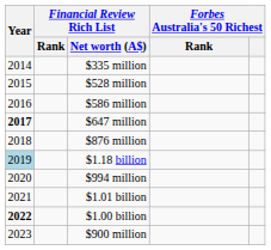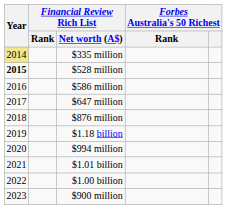 <table class="wikitable">
 <tr>
 <th rowspan=2>Year</th>
 <th colspan=2><em><a href='#'>Financial Review</a></em><br><a href='#'>Rich List</a></th>
 <th colspan=2><em><a href='#'>Forbes</a></em><br><a href='#'>Australia's 50 Richest</a></th>
 </tr>
 <tr>
 <th>Rank</th>
 <th><a href='#'>Net worth</a> (<a href='#'>A$</a>)<br></th>
 <th>Rank</th>
 <th></th>
 </tr>
 <tr>
-<td>2014</td>
+<td style="background: khaki;">2014</td>
 <td align="center"></td>
 <td align="right">$335 million </td>
 <td align="center"></td>
 <td align="right"></td>
 </tr>
 <tr>
-<td>2015</td>
+<td><strong>2015</strong></td>
 <td align="center"></td>
 <td align="right">$528 million </td>
 <td align="center"></td>
 <td align="right"></td>
 </tr>
 <tr>
 <td>2016</td>
 <td align="center"></td>
 <td align="right">$586 million </td>
 <td align="center"></td>
 <td align="right"></td>
 </tr>
 <tr>
-<td><strong>2017</strong></td>
+<td>2017</td>
 <td align="center"></td>
 <td align="right">$647 million </td>
 <td align="center"></td>
 <td align="right"></td>
 </tr>
 <tr>
 <td>2018</td>
 <td align="center"></td>
 <td align="right">$876 million </td>
 <td align="center"></td>
 <td align="right"></td>
 </tr>
 <tr>
-<td style="background: lightblue;">2019</td>
+<td>2019</td>
 <td align="center"></td>
 <td align="right">$1.18 <a href='#'>billion</a> </td>
 <td align="center"></td>
 <td align="right"></td>
 </tr>
 <tr>
 <td>2020</td>
 <td align="center"></td>
 <td align="right">$994 million </td>
 <td align="center"></td>
 <td align="right"></td>
 </tr>
 <tr>
 <td>2021</td>
 <td align="center"></td>
 <td align="right">$1.01 billion </td>
 <td align="center"></td>
 <td align="right"></td>
 </tr>
 <tr>
-<td><strong>2022</strong></td>
+<td>2022</td>
 <td align="center"></td>
 <td align="right">$1.00 billion </td>
 <td align="center"></td>
 <td align="right"></td>
 </tr>
 <tr>
 <td>2023</td>
 <td align="center"></td>
 <td align="right">$900 million </td>
 <td align="center"></td>
 <td align="right"></td>
 </tr>
 </table>
